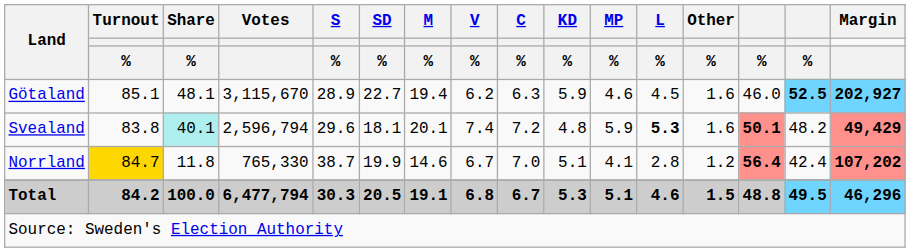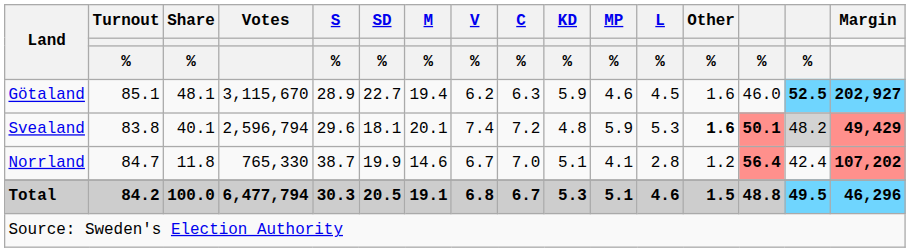 <table class="wikitable sortable" style="text-align:right; font-size:95%; line-height:20px;">
 <tr>
 <th rowspan="3">Land</th>
 <th>Turnout</th>
 <th>Share</th>
 <th>Votes</th>
 <th width="30px" class="unsortable"><a href='#'>S</a></th>
 <th width="30px" class="unsortable"><a href='#'>SD</a></th>
 <th width="30px" class="unsortable"><a href='#'>M</a></th>
 <th width="30px" class="unsortable"><a href='#'>V</a></th>
 <th width="30px" class="unsortable"><a href='#'>C</a></th>
 <th width="30px" class="unsortable"><a href='#'>KD</a></th>
 <th width="30px" class="unsortable"><a href='#'>MP</a></th>
 <th width="30px" class="unsortable"><a href='#'>L</a></th>
 <th width="30px" class="unsortable">Other</th>
 <th></th>
 <th></th>
 <th>Margin</th>
 </tr>
 <tr>
 <th></th>
 <th></th>
 <th></th>
 <th style="background:"></th>
 <th style="background:"></th>
 <th style="background:"></th>
 <th style="background:"></th>
 <th style="background:"></th>
 <th style="background:"></th>
 <th style="background:"></th>
 <th style="background:"></th>
 <th style="background:"></th>
 <th style="background:"></th>
 <th style="background:"></th>
 </tr>
 <tr>
 <th data-sort-type="number">%</th>
 <th data-sort-type="number">%</th>
 <th></th>
 <th data-sort-type="number">%</th>
 <th data-sort-type="number">%</th>
 <th data-sort-type="number">%</th>
 <th data-sort-type="number">%</th>
 <th data-sort-type="number">%</th>
 <th data-sort-type="number">%</th>
 <th data-sort-type="number">%</th>
 <th data-sort-type="number">%</th>
 <th data-sort-type="number">%</th>
 <th data-sort-type="number">%</th>
 <th data-sort-type="number">%</th>
 <th data-sort-type="number"></th>
 </tr>
 <tr>
 <td align="left"><a href='#'>Götaland</a></td>
 <td>85.1</td>
 <td>48.1</td>
 <td>3,115,670</td>
 <td>28.9</td>
 <td>22.7</td>
 <td>19.4</td>
 <td>6.2</td>
 <td>6.3</td>
 <td>5.9</td>
 <td>4.6</td>
 <td>4.5</td>
 <td>1.6</td>
 <td>46.0</td>
 <td bgcolor=#6fd5fe><strong>52.5</strong></td>
 <td bgcolor=#6fd5fe><strong>202,927</strong></td>
 </tr>
 <tr>
 <td align="left"><a href='#'>Svealand</a></td>
 <td>83.8</td>
-<td style="background: paleturquoise;">40.1</td>
+<td>40.1</td>
 <td>2,596,794</td>
 <td>29.6</td>
 <td>18.1</td>
 <td>20.1</td>
 <td>7.4</td>
 <td>7.2</td>
 <td>4.8</td>
 <td>5.9</td>
-<td><strong>5.3</strong></td>
-<td>1.6</td>
+<td>5.3</td>
+<td><strong>1.6</strong></td>
 <td bgcolor=#ff908c><strong>50.1</strong></td>
-<td>48.2</td>
+<td style="background: lightgrey;">48.2</td>
 <td bgcolor=#ff908c><strong>49,429</strong></td>
 </tr>
 <tr>
 <td align="left"><a href='#'>Norrland</a></td>
-<td style="background: gold;">84.7</td>
+<td>84.7</td>
 <td>11.8</td>
 <td>765,330</td>
 <td>38.7</td>
 <td>19.9</td>
 <td>14.6</td>
 <td>6.7</td>
 <td>7.0</td>
 <td>5.1</td>
 <td>4.1</td>
 <td>2.8</td>
 <td>1.2</td>
 <td bgcolor=#ff908c><strong>56.4</strong></td>
 <td>42.4</td>
 <td bgcolor=#ff908c><strong>107,202</strong></td>
 </tr>
 <tr>
 </tr>
 <tr style="background:#CDCDCD;">
 <td align="left"><strong>Total</strong></td>
 <td><strong>84.2</strong></td>
 <td><strong>100.0</strong></td>
 <td><strong>6,477,794</strong></td>
 <td><strong>30.3</strong></td>
 <td><strong>20.5</strong></td>
 <td><strong>19.1</strong></td>
 <td><strong>6.8</strong></td>
 <td><strong>6.7</strong></td>
 <td><strong>5.3</strong></td>
 <td><strong>5.1</strong></td>
 <td><strong>4.6</strong></td>
 <td><strong>1.5</strong></td>
 <td><strong>48.8</strong></td>
 <td bgcolor=#6fd5fe><strong>49.5</strong></td>
 <td bgcolor=#6fd5fe><strong>46,296</strong></td>
 </tr>
 <tr>
 <td colspan="16" align="left">Source: Sweden's <a href='#'>Election Authority</a></td>
 </tr>
 </table>
